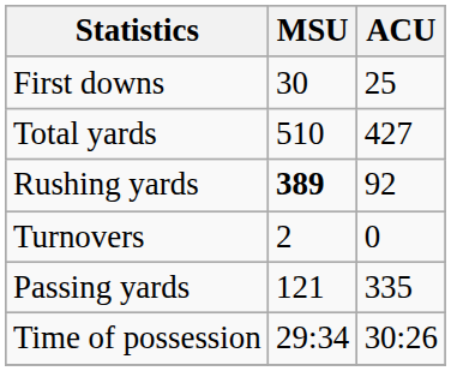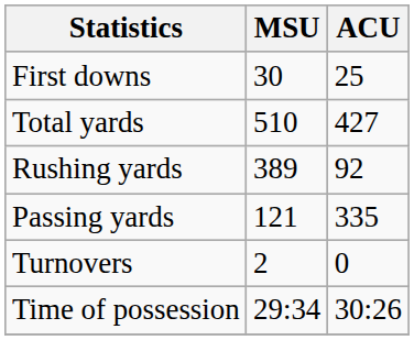 <table class="wikitable">
 <tr>
 <th>Statistics</th>
 <th>MSU</th>
 <th>ACU</th>
 </tr>
 <tr>
 <td>First downs</td>
 <td>30</td>
 <td>25</td>
 </tr>
 <tr>
 <td>Total yards</td>
 <td>510</td>
 <td>427</td>
 </tr>
 <tr>
 <td>Rushing yards</td>
-<td><strong>389</strong></td>
+<td>389</td>
 <td>92</td>
+</tr>
+<tr>
+<td>Passing yards</td>
+<td>121</td>
+<td>335</td>
 </tr>
 <tr>
 <td>Turnovers</td>
 <td>2</td>
 <td>0</td>
-</tr>
-<tr>
-<td>Passing yards</td>
-<td>121</td>
-<td>335</td>
 </tr>
 <tr>
 <td>Time of possession</td>
 <td>29:34</td>
 <td>30:26</td>
 </tr>
 <tr>
 </tr>
 </table>
